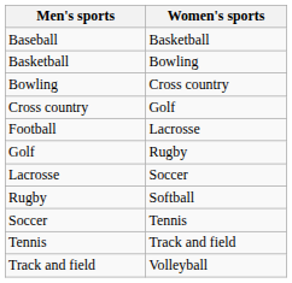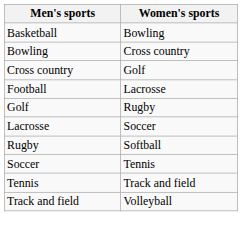 <table class="wikitable"; style= "text-align: ">
 <tr>
 <th width=150px>Men's sports</th>
 <th width=150px>Women's sports</th>
-</tr>
-<tr>
-<td>Baseball</td>
-<td>Basketball</td>
 </tr>
 <tr>
 <td>Basketball</td>
 <td>Bowling</td>
 </tr>
 <tr>
 <td>Bowling</td>
 <td>Cross country</td>
 </tr>
 <tr>
 <td>Cross country</td>
 <td>Golf</td>
 </tr>
 <tr>
 <td>Football</td>
 <td>Lacrosse</td>
 </tr>
 <tr>
 <td>Golf</td>
 <td>Rugby</td>
 </tr>
 <tr>
 <td>Lacrosse</td>
 <td>Soccer</td>
 </tr>
 <tr>
 <td>Rugby</td>
 <td>Softball</td>
 </tr>
 <tr>
 <td>Soccer</td>
 <td>Tennis</td>
 </tr>
 <tr>
 <td>Tennis</td>
 <td>Track and field</td>
 </tr>
 <tr>
 <td>Track and field</td>
 <td>Volleyball</td>
 </tr>
 </table>
